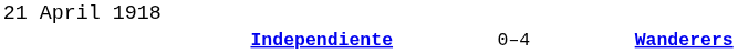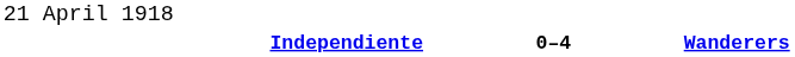 <table width=100% cellspacing=1>
 <tr>
 <th width=20%></th>
 <th width=12%></th>
 <th width=20%></th>
 <th></th>
 </tr>
 <tr>
 <td>21 April 1918</td>
 </tr>
 <tr style=font-size:90%>
 <td align=right><strong> <a href='#'>Independiente</a></strong></td>
-<td align=center>0–4</td>
+<td align=center><strong>0–4</strong></td>
 <td><strong> <a href='#'>Wanderers</a></strong></td>
 <td></td>
 </tr>
 <tr>
 </tr>
 </table>
